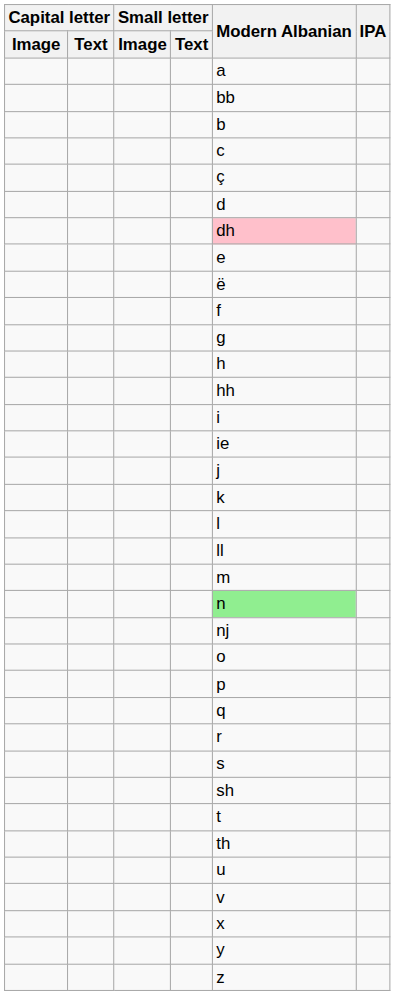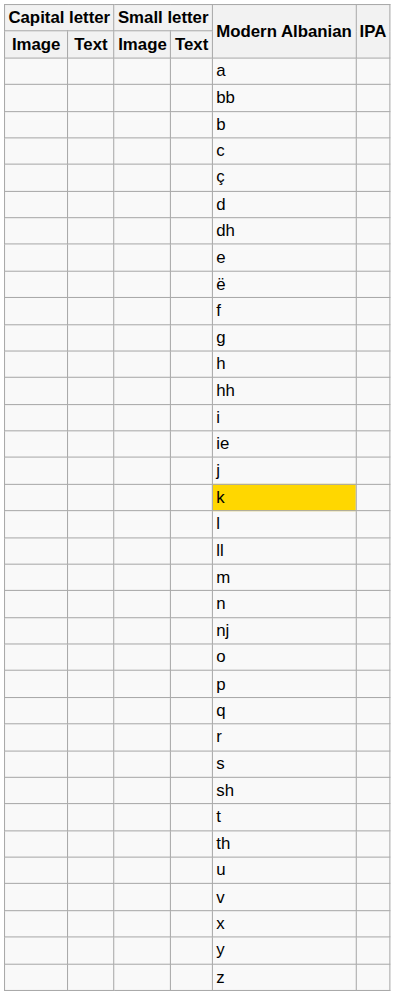 <table class="wikitable">
 <tr>
 <th colspan="2">Capital letter</th>
 <th colspan="2">Small letter</th>
 <th rowspan="2">Modern Albanian</th>
 <th rowspan="2">IPA</th>
 </tr>
 <tr>
 <th>Image</th>
 <th>Text</th>
 <th>Image</th>
 <th>Text</th>
 </tr>
 <tr>
 <td></td>
 <td></td>
 <td></td>
 <td></td>
 <td>a</td>
 <td></td>
 </tr>
 <tr>
 <td></td>
 <td></td>
 <td></td>
 <td></td>
 <td>bb</td>
 <td></td>
 </tr>
 <tr>
 <td></td>
 <td></td>
 <td></td>
 <td></td>
 <td>b</td>
 <td></td>
 </tr>
 <tr>
 <td></td>
 <td></td>
 <td></td>
 <td></td>
 <td>c</td>
 <td></td>
 </tr>
 <tr>
 <td></td>
 <td></td>
 <td></td>
 <td></td>
 <td>ç</td>
 <td></td>
 </tr>
 <tr>
 <td></td>
 <td></td>
 <td></td>
 <td></td>
 <td>d</td>
 <td></td>
 </tr>
 <tr>
 <td></td>
 <td></td>
 <td></td>
 <td></td>
-<td style="background: pink;">dh</td>
+<td>dh</td>
 <td></td>
 </tr>
 <tr>
 <td></td>
 <td></td>
 <td></td>
 <td></td>
 <td>e</td>
 <td></td>
 </tr>
 <tr>
 <td></td>
 <td></td>
 <td></td>
 <td></td>
 <td>ë</td>
 <td></td>
 </tr>
 <tr>
 <td></td>
 <td></td>
 <td></td>
 <td></td>
 <td>f</td>
 <td></td>
 </tr>
 <tr>
 <td></td>
 <td></td>
 <td></td>
 <td></td>
 <td>g</td>
 <td></td>
 </tr>
 <tr>
 <td></td>
 <td></td>
 <td></td>
 <td></td>
 <td>h</td>
 <td></td>
 </tr>
 <tr>
 <td></td>
 <td></td>
 <td></td>
 <td></td>
 <td>hh</td>
 <td></td>
 </tr>
 <tr>
 <td></td>
 <td></td>
 <td></td>
 <td></td>
 <td>i</td>
 <td></td>
 </tr>
 <tr>
 <td></td>
 <td></td>
 <td></td>
 <td></td>
 <td>ie</td>
 <td></td>
 </tr>
 <tr>
 <td></td>
 <td></td>
 <td></td>
 <td></td>
 <td>j</td>
 <td></td>
 </tr>
 <tr>
 <td></td>
 <td></td>
 <td></td>
 <td></td>
-<td>k</td>
+<td style="background: gold;">k</td>
 <td></td>
 </tr>
 <tr>
 <td></td>
 <td></td>
 <td></td>
 <td></td>
 <td>l</td>
 <td></td>
 </tr>
 <tr>
 <td></td>
 <td></td>
 <td></td>
 <td></td>
 <td>ll</td>
 <td></td>
 </tr>
 <tr>
 <td></td>
 <td></td>
 <td></td>
 <td></td>
 <td>m</td>
 <td></td>
 </tr>
 <tr>
 <td></td>
 <td></td>
 <td></td>
 <td></td>
-<td style="background: lightgreen;">n</td>
+<td>n</td>
 <td></td>
 </tr>
 <tr>
 <td></td>
 <td></td>
 <td></td>
 <td></td>
 <td>nj</td>
 <td></td>
 </tr>
 <tr>
 <td></td>
 <td></td>
 <td></td>
 <td></td>
 <td>o</td>
 <td></td>
 </tr>
 <tr>
 <td></td>
 <td></td>
 <td></td>
 <td></td>
 <td>p</td>
 <td></td>
 </tr>
 <tr>
 <td></td>
 <td></td>
 <td></td>
 <td></td>
 <td>q</td>
 <td></td>
 </tr>
 <tr>
 <td></td>
 <td></td>
 <td></td>
 <td></td>
 <td>r</td>
 <td></td>
 </tr>
 <tr>
 <td></td>
 <td></td>
 <td></td>
 <td></td>
 <td>s</td>
 <td></td>
 </tr>
 <tr>
 <td></td>
 <td></td>
 <td></td>
 <td></td>
 <td>sh</td>
 <td></td>
 </tr>
 <tr>
 <td></td>
 <td></td>
 <td></td>
 <td></td>
 <td>t</td>
 <td></td>
 </tr>
 <tr>
 <td></td>
 <td></td>
 <td></td>
 <td></td>
 <td>th</td>
 <td></td>
 </tr>
 <tr>
 <td></td>
 <td></td>
 <td></td>
 <td></td>
 <td>u</td>
 <td></td>
 </tr>
 <tr>
 <td></td>
 <td></td>
 <td></td>
 <td></td>
 <td>v</td>
 <td></td>
 </tr>
 <tr>
 <td></td>
 <td></td>
 <td></td>
 <td></td>
 <td>x</td>
 <td></td>
 </tr>
 <tr>
 <td></td>
 <td></td>
 <td></td>
 <td></td>
 <td>y</td>
 <td></td>
 </tr>
 <tr>
 <td></td>
 <td></td>
 <td></td>
 <td></td>
 <td>z</td>
 <td></td>
 </tr>
 </table>
